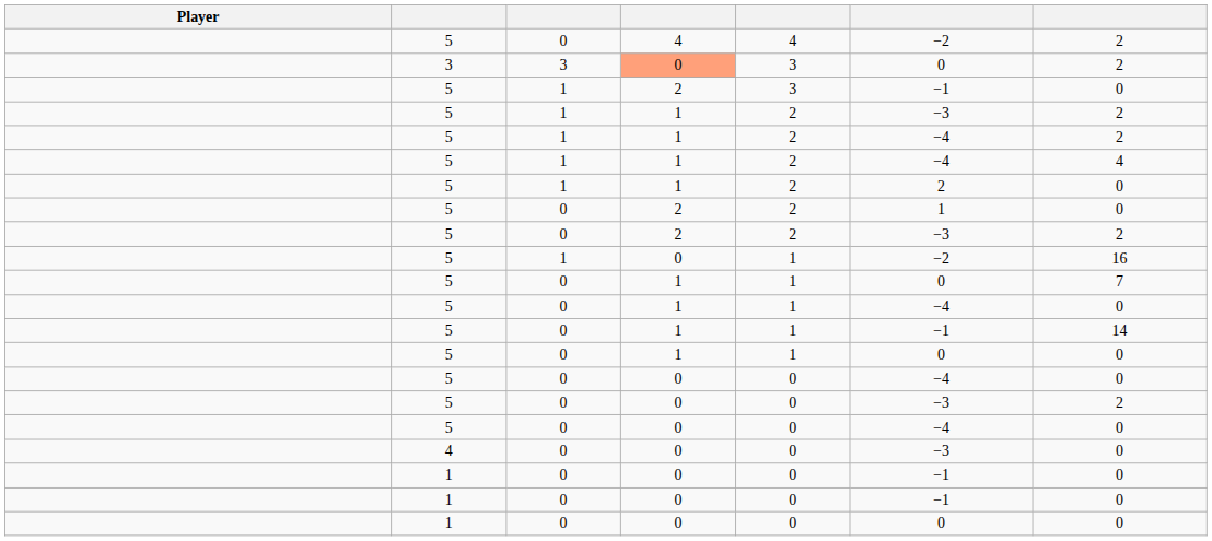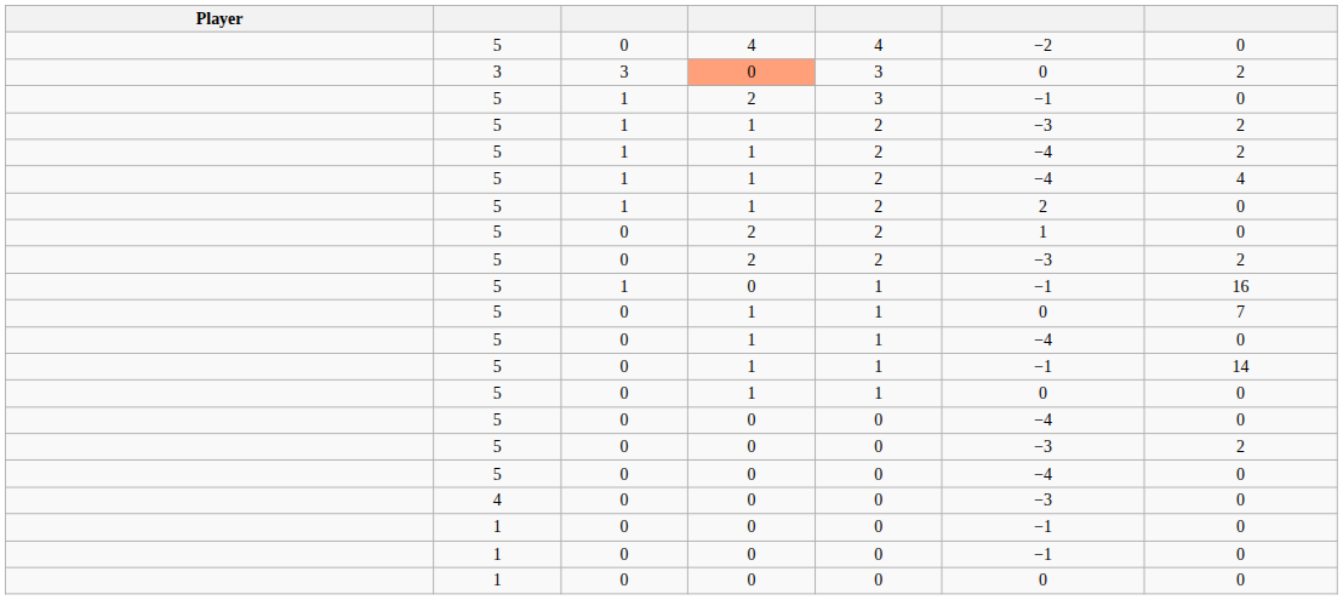 <table class="wikitable sortable" style="width:100%; text-align:center;">
 <tr align=center>
 <th>Player</th>
 <th></th>
 <th></th>
 <th></th>
 <th></th>
 <th data-sort-type="number"></th>
 <th></th>
 </tr>
 <tr>
 <td></td>
 <td>5</td>
 <td>0</td>
 <td>4</td>
 <td>4</td>
 <td>−2</td>
-<td>2</td>
+<td>0</td>
 </tr>
 <tr>
 <td></td>
 <td>3</td>
 <td>3</td>
 <td style="background: lightsalmon;">0</td>
 <td>3</td>
 <td>0</td>
 <td>2</td>
 </tr>
 <tr>
 <td></td>
 <td>5</td>
 <td>1</td>
 <td>2</td>
 <td>3</td>
 <td>−1</td>
 <td>0</td>
 </tr>
 <tr>
 <td></td>
 <td>5</td>
 <td>1</td>
 <td>1</td>
 <td>2</td>
 <td>−3</td>
 <td>2</td>
 </tr>
 <tr>
 <td></td>
 <td>5</td>
 <td>1</td>
 <td>1</td>
 <td>2</td>
 <td>−4</td>
 <td>2</td>
 </tr>
 <tr>
 <td></td>
 <td>5</td>
 <td>1</td>
 <td>1</td>
 <td>2</td>
 <td>−4</td>
 <td>4</td>
 </tr>
 <tr>
 <td></td>
 <td>5</td>
 <td>1</td>
 <td>1</td>
 <td>2</td>
 <td>2</td>
 <td>0</td>
 </tr>
 <tr>
 <td></td>
 <td>5</td>
 <td>0</td>
 <td>2</td>
 <td>2</td>
 <td>1</td>
 <td>0</td>
 </tr>
 <tr>
 <td></td>
 <td>5</td>
 <td>0</td>
 <td>2</td>
 <td>2</td>
 <td>−3</td>
 <td>2</td>
 </tr>
 <tr>
 <td></td>
 <td>5</td>
 <td>1</td>
 <td>0</td>
 <td>1</td>
-<td>−2</td>
+<td>−1</td>
 <td>16</td>
 </tr>
 <tr>
 <td></td>
 <td>5</td>
 <td>0</td>
 <td>1</td>
 <td>1</td>
 <td>0</td>
 <td>7</td>
 </tr>
 <tr>
 <td></td>
 <td>5</td>
 <td>0</td>
 <td>1</td>
 <td>1</td>
 <td>−4</td>
 <td>0</td>
 </tr>
 <tr>
 <td></td>
 <td>5</td>
 <td>0</td>
 <td>1</td>
 <td>1</td>
 <td>−1</td>
 <td>14</td>
 </tr>
 <tr>
 <td></td>
 <td>5</td>
 <td>0</td>
 <td>1</td>
 <td>1</td>
 <td>0</td>
 <td>0</td>
 </tr>
 <tr>
 <td></td>
 <td>5</td>
 <td>0</td>
 <td>0</td>
 <td>0</td>
 <td>−4</td>
 <td>0</td>
 </tr>
 <tr>
 <td></td>
 <td>5</td>
 <td>0</td>
 <td>0</td>
 <td>0</td>
 <td>−3</td>
 <td>2</td>
 </tr>
 <tr>
 <td></td>
 <td>5</td>
 <td>0</td>
 <td>0</td>
 <td>0</td>
 <td>−4</td>
 <td>0</td>
 </tr>
 <tr>
 <td></td>
 <td>4</td>
 <td>0</td>
 <td>0</td>
 <td>0</td>
 <td>−3</td>
 <td>0</td>
 </tr>
 <tr>
 <td></td>
 <td>1</td>
 <td>0</td>
 <td>0</td>
 <td>0</td>
 <td>−1</td>
 <td>0</td>
 </tr>
 <tr>
 <td></td>
 <td>1</td>
 <td>0</td>
 <td>0</td>
 <td>0</td>
 <td>−1</td>
 <td>0</td>
 </tr>
 <tr>
 <td></td>
 <td>1</td>
 <td>0</td>
 <td>0</td>
 <td>0</td>
 <td>0</td>
 <td>0</td>
 </tr>
 </table>
